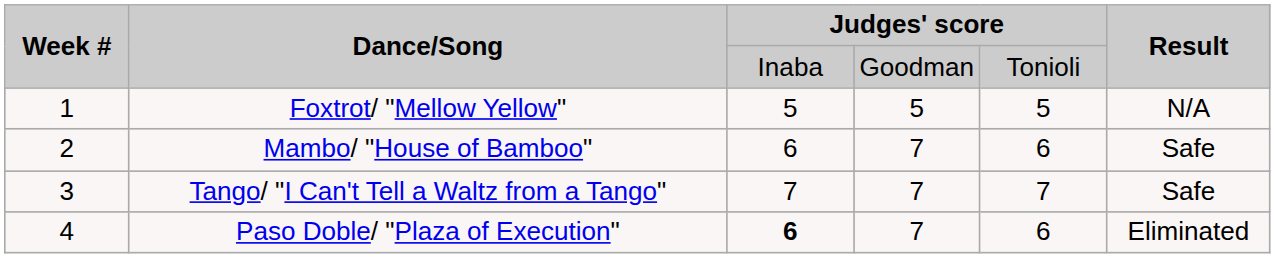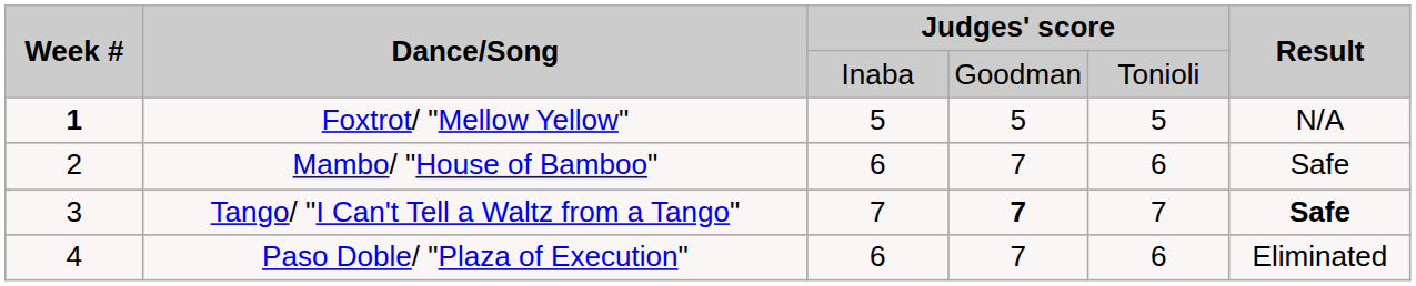 <table class="wikitable" style="float:left;">
 <tr style="text-align:Center; background:#ccc; background:#ccc;">
 <td rowspan=2><strong>Week #</strong></td>
 <td rowspan=2><strong>Dance/Song</strong></td>
 <td colspan=3><strong>Judges' score</strong></td>
 <td rowspan=2><strong>Result</strong></td>
 </tr>
 <tr style="text-align:center; background:#ccc; background:#ccc;">
 <td style="width:10%; ">Inaba</td>
 <td style="width:10%; ">Goodman</td>
 <td style="width:10%; ">Tonioli</td>
 </tr>
 <tr style="text-align:center; background:#faf6f6; background:#faf6f6;">
-<td>1</td>
+<td><strong>1</strong></td>
 <td><a href='#'>Foxtrot</a>/ "<a href='#'>Mellow Yellow</a>"</td>
 <td>5</td>
 <td>5</td>
 <td>5</td>
 <td>N/A</td>
 </tr>
 <tr style="text-align:center; background:#faf6f6;">
 <td>2</td>
 <td><a href='#'>Mambo</a>/ "<a href='#'>House of Bamboo</a>"</td>
 <td>6</td>
 <td>7</td>
 <td>6</td>
 <td>Safe</td>
 </tr>
 <tr style="text-align:center; background:#faf6f6;">
 <td>3</td>
 <td><a href='#'>Tango</a>/ "<a href='#'>I Can't Tell a Waltz from a Tango</a>"</td>
 <td>7</td>
+<td><strong>7</strong></td>
 <td>7</td>
-<td>7</td>
-<td>Safe</td>
+<td><strong>Safe</strong></td>
 </tr>
 <tr style="text-align:center; background:#faf6f6;">
 <td>4</td>
 <td><a href='#'>Paso Doble</a>/ "<a href='#'>Plaza of Execution</a>"</td>
-<td><strong>6</strong></td>
+<td>6</td>
 <td>7</td>
 <td>6</td>
 <td>Eliminated</td>
 </tr>
 </table>
